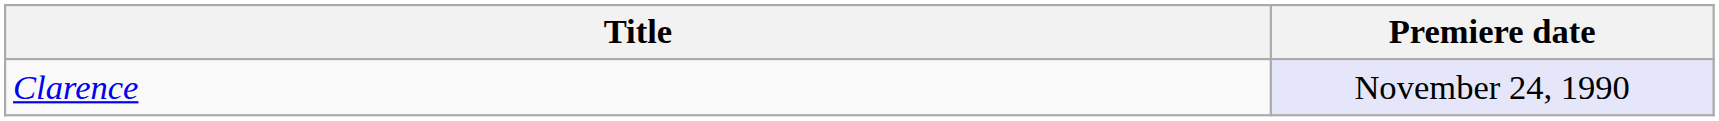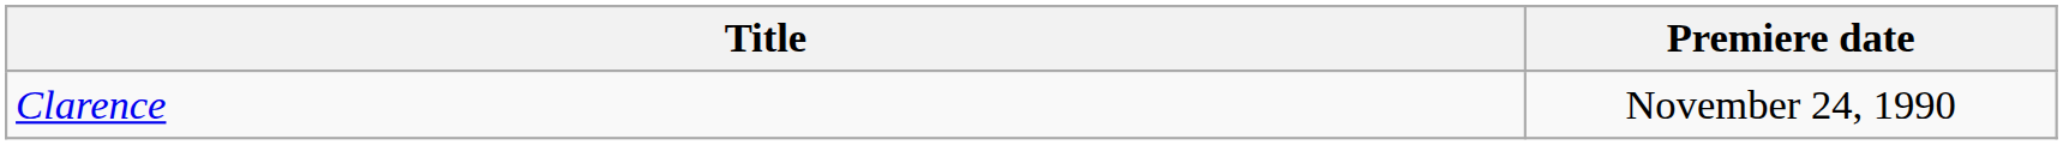 <table class="wikitable plainrowheaders sortable" style="width:50%;text-align:center;">
 <tr>
 <th scope="col" style="width:40%;">Title</th>
 <th scope="col" style="width:14%;">Premiere date</th>
 </tr>
 <tr>
 <td scope="row" style="text-align:left;"><em><a href='#'>Clarence</a></em></td>
-<td style="background: lavender;">November 24, 1990</td>
+<td>November 24, 1990</td>
 </tr>
 </table>
